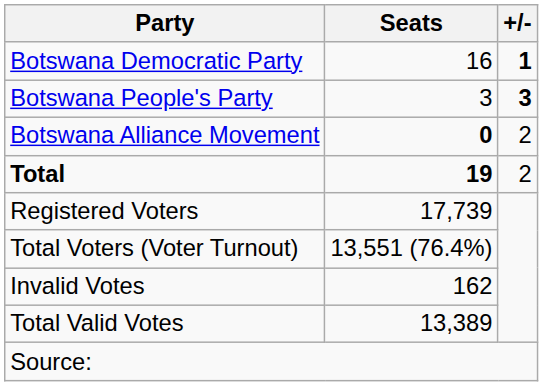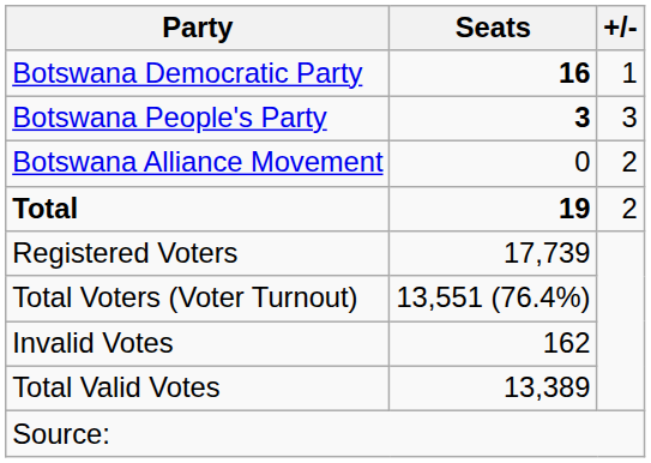 <table class=wikitable style=text-align:right>
 <tr>
 <th>Party</th>
 <th>Seats</th>
 <th>+/-</th>
 </tr>
 <tr>
 <td align=left><a href='#'>Botswana Democratic Party</a></td>
-<td>16</td>
-<td><strong>1</strong></td>
+<td><strong>16</strong></td>
+<td>1</td>
 </tr>
 <tr>
 <td align=left><a href='#'>Botswana People's Party</a></td>
+<td><strong>3</strong></td>
 <td>3</td>
-<td><strong>3</strong></td>
 </tr>
 <tr>
 <td align=left><a href='#'>Botswana Alliance Movement</a></td>
-<td><strong>0</strong></td>
+<td>0</td>
 <td>2</td>
 </tr>
 <tr>
 <td align=left><strong>Total</strong></td>
 <td><strong>19</strong></td>
 <td>2</td>
 </tr>
 <tr>
 <td align=left>Registered Voters</td>
 <td>17,739</td>
 </tr>
 <tr>
 <td align=left>Total Voters (Voter Turnout)</td>
 <td>13,551 (76.4%)</td>
 </tr>
 <tr>
 <td align=left>Invalid Votes</td>
 <td>162</td>
 </tr>
 <tr>
 <td align=left>Total Valid Votes</td>
 <td>13,389</td>
 </tr>
 <tr>
 <td colspan=4 align=left>Source: </td>
 </tr>
 </table>
